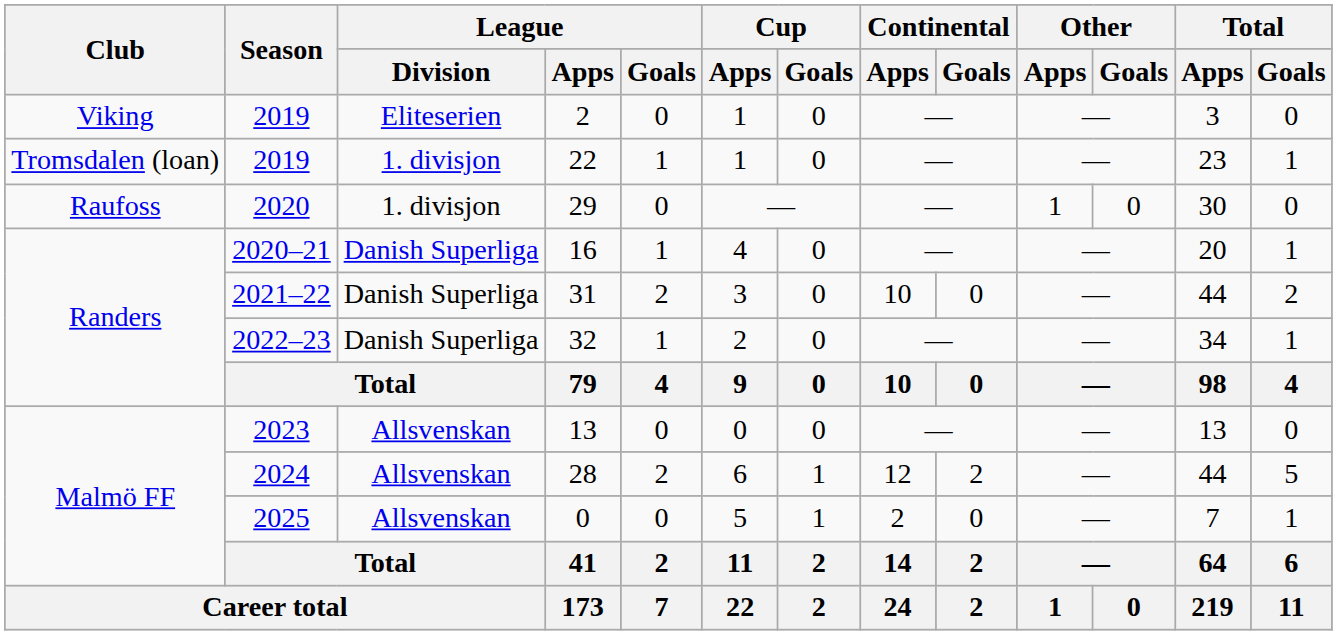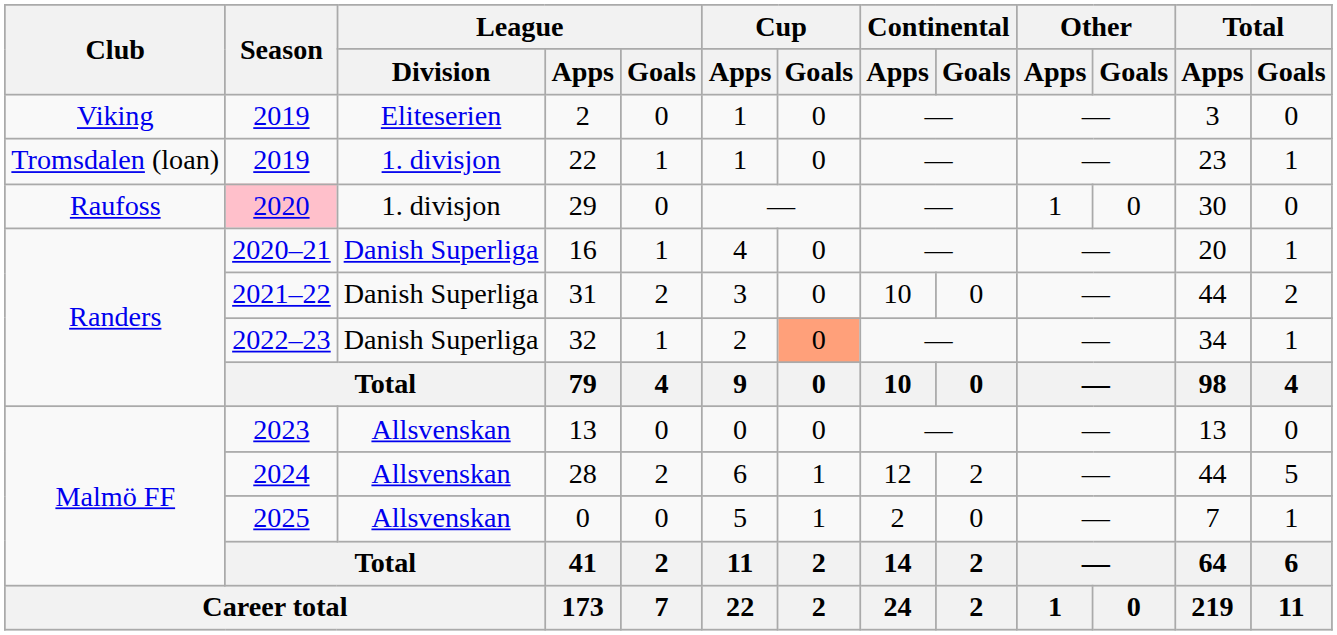 <table class="wikitable" style="text-align: center;">
 <tr>
 <th rowspan="2">Club</th>
 <th rowspan="2">Season</th>
 <th colspan="3">League</th>
 <th colspan="2">Cup</th>
 <th colspan="2">Continental</th>
 <th colspan="2">Other</th>
 <th colspan="2">Total</th>
 </tr>
 <tr>
 <th>Division</th>
 <th>Apps</th>
 <th>Goals</th>
 <th>Apps</th>
 <th>Goals</th>
 <th>Apps</th>
 <th>Goals</th>
 <th>Apps</th>
 <th>Goals</th>
 <th>Apps</th>
 <th>Goals</th>
 </tr>
 <tr>
 <td><a href='#'>Viking</a></td>
 <td><a href='#'>2019</a></td>
 <td><a href='#'>Eliteserien</a></td>
 <td>2</td>
 <td>0</td>
 <td>1</td>
 <td>0</td>
 <td colspan="2">—</td>
 <td colspan="2">—</td>
 <td>3</td>
 <td>0</td>
 </tr>
 <tr>
 <td><a href='#'>Tromsdalen</a> (loan)</td>
 <td><a href='#'>2019</a></td>
 <td><a href='#'>1. divisjon</a></td>
 <td>22</td>
 <td>1</td>
 <td>1</td>
 <td>0</td>
 <td colspan="2">—</td>
 <td colspan="2">—</td>
 <td>23</td>
 <td>1</td>
 </tr>
 <tr>
 <td><a href='#'>Raufoss</a></td>
-<td><a href='#'>2020</a></td>
+<td style="background: pink;"><a href='#'>2020</a></td>
 <td>1. divisjon</td>
 <td>29</td>
 <td>0</td>
 <td colspan="2">—</td>
 <td colspan="2">—</td>
 <td>1</td>
 <td>0</td>
 <td>30</td>
 <td>0</td>
 </tr>
 <tr>
 <td rowspan="4"><a href='#'>Randers</a></td>
 <td><a href='#'>2020–21</a></td>
 <td><a href='#'>Danish Superliga</a></td>
 <td>16</td>
 <td>1</td>
 <td>4</td>
 <td>0</td>
 <td colspan="2">—</td>
 <td colspan="2">—</td>
 <td>20</td>
 <td>1</td>
 </tr>
 <tr>
 <td><a href='#'>2021–22</a></td>
 <td>Danish Superliga</td>
 <td>31</td>
 <td>2</td>
 <td>3</td>
 <td>0</td>
 <td>10</td>
 <td>0</td>
 <td colspan="2">—</td>
 <td>44</td>
 <td>2</td>
 </tr>
 <tr>
 <td><a href='#'>2022–23</a></td>
 <td>Danish Superliga</td>
 <td>32</td>
 <td>1</td>
 <td>2</td>
-<td>0</td>
+<td style="background: lightsalmon;">0</td>
 <td colspan="2">—</td>
 <td colspan="2">—</td>
 <td>34</td>
 <td>1</td>
 </tr>
 <tr>
 <th colspan="2">Total</th>
 <th>79</th>
 <th>4</th>
 <th>9</th>
 <th>0</th>
 <th>10</th>
 <th>0</th>
 <th colspan="2">—</th>
 <th>98</th>
 <th>4</th>
 </tr>
 <tr>
 <td rowspan="4"><a href='#'>Malmö FF</a></td>
 <td><a href='#'>2023</a></td>
 <td><a href='#'>Allsvenskan</a></td>
 <td>13</td>
 <td>0</td>
 <td>0</td>
 <td>0</td>
 <td colspan="2">—</td>
 <td colspan="2">—</td>
 <td>13</td>
 <td>0</td>
 </tr>
 <tr>
 <td><a href='#'>2024</a></td>
 <td><a href='#'>Allsvenskan</a></td>
 <td>28</td>
 <td>2</td>
 <td>6</td>
 <td>1</td>
 <td>12</td>
 <td>2</td>
 <td colspan="2">—</td>
 <td>44</td>
 <td>5</td>
 </tr>
 <tr>
 <td><a href='#'>2025</a></td>
 <td><a href='#'>Allsvenskan</a></td>
 <td>0</td>
 <td>0</td>
 <td>5</td>
 <td>1</td>
 <td>2</td>
 <td>0</td>
 <td colspan="2">—</td>
 <td>7</td>
 <td>1</td>
 </tr>
 <tr>
 <th colspan="2">Total</th>
 <th>41</th>
 <th>2</th>
 <th>11</th>
 <th>2</th>
 <th>14</th>
 <th>2</th>
 <th colspan="2">—</th>
 <th>64</th>
 <th>6</th>
 </tr>
 <tr>
 <th colspan="3">Career total</th>
 <th>173</th>
 <th>7</th>
 <th>22</th>
 <th>2</th>
 <th>24</th>
 <th>2</th>
 <th>1</th>
 <th>0</th>
 <th>219</th>
 <th>11</th>
 </tr>
 </table>
